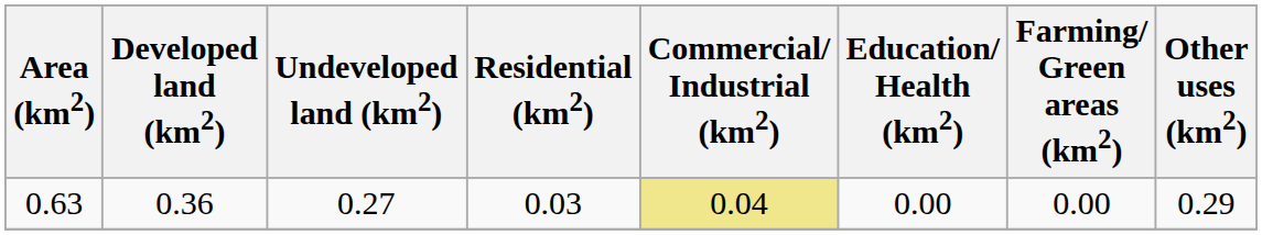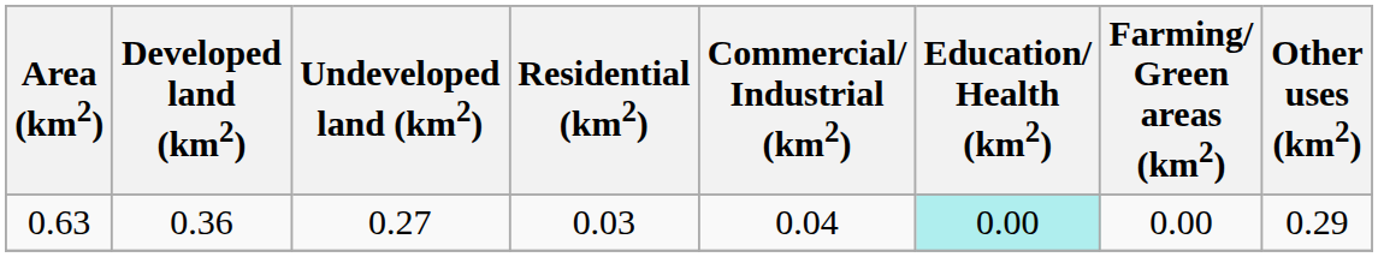 <table class="wikitable" style="text-align: center;">
 <tr>
 <th>Area (km<sup>2</sup>)</th>
 <th>Developed land (km<sup>2</sup>)</th>
 <th>Undeveloped land (km<sup>2</sup>)</th>
 <th>Residential (km<sup>2</sup>)</th>
 <th>Commercial/<br> Industrial (km<sup>2</sup>)</th>
 <th>Education/<br> Health (km<sup>2</sup>)</th>
 <th>Farming/<br> Green areas (km<sup>2</sup>)</th>
 <th>Other uses (km<sup>2</sup>)</th>
 </tr>
 <tr>
 <td>0.63</td>
 <td>0.36</td>
 <td>0.27</td>
 <td>0.03</td>
-<td style="background: khaki;">0.04</td>
-<td>0.00</td>
+<td>0.04</td>
+<td style="background: paleturquoise;">0.00</td>
 <td>0.00</td>
 <td>0.29</td>
 </tr>
 <tr>
 </tr>
 </table>
